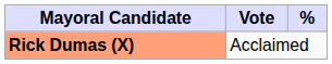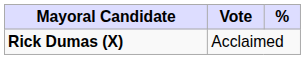 <table class="wikitable">
 <tr>
 <th style="background:#ddf; width:200px;">Mayoral Candidate </th>
 <th style="background:#ddf; width:50px;">Vote</th>
 <th style="background:#ddf; width:30px;">%</th>
 </tr>
 <tr>
-<td style="background: lightsalmon;"><strong>Rick Dumas (X)</strong></td>
+<td><strong>Rick Dumas (X)</strong></td>
 <td colspan="2">Acclaimed</td>
 </tr>
 </table>
